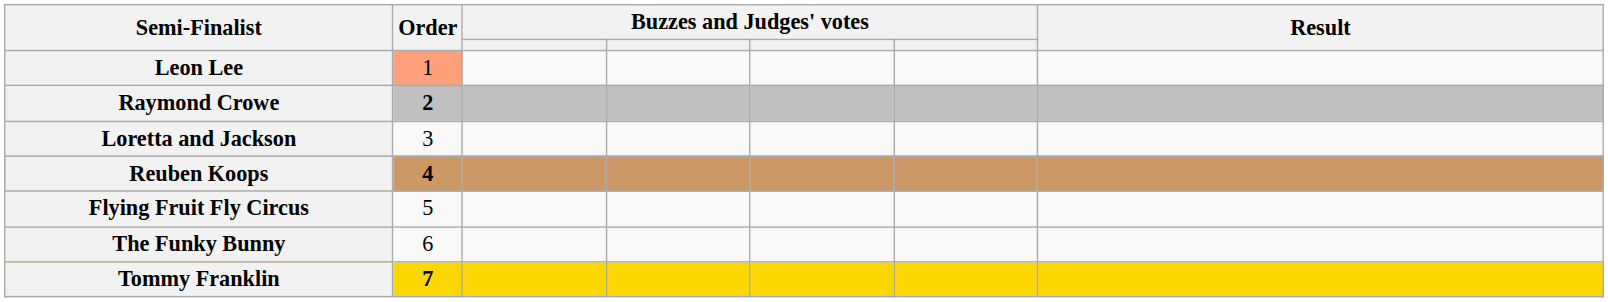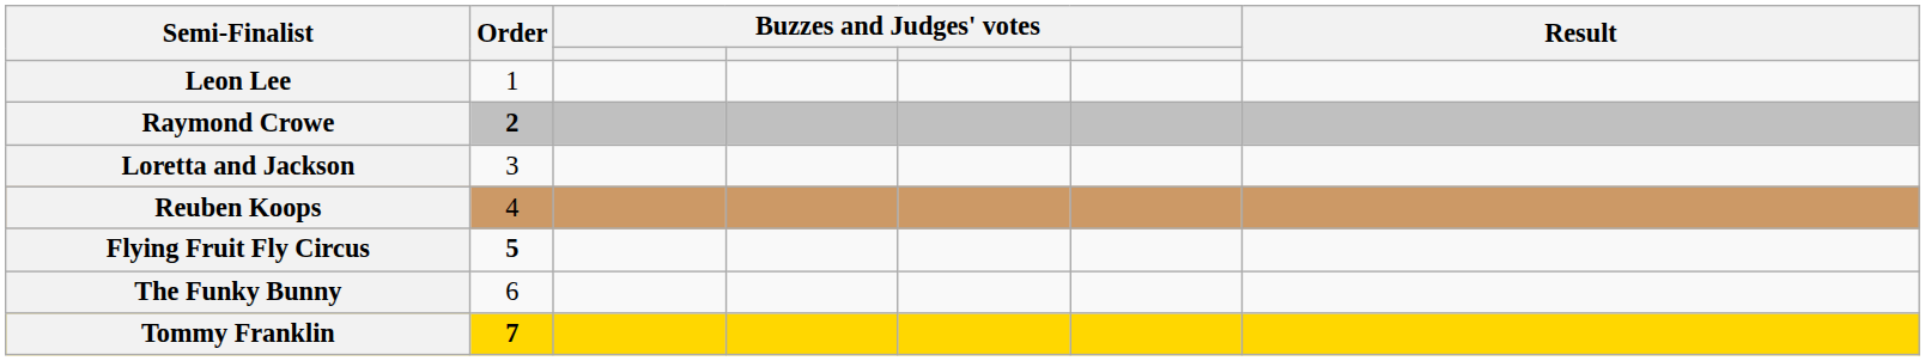 <table class="wikitable plainrowheaders sortable" style="text-align:center;">
 <tr>
 <th scope="col" rowspan="2" class="unsortable" style="width:17em;">Semi-Finalist</th>
 <th scope="col" rowspan="2" style="width:1em;">Order</th>
 <th scope="col" colspan="4" class="unsortable" style="width:24em;">Buzzes and Judges' votes</th>
 <th scope="col" rowspan="2" style="width:25em;">Result</th>
 </tr>
 <tr>
 <th scope="col" class="unsortable" style="width:6em;"></th>
 <th scope="col" class="unsortable" style="width:6em;"></th>
 <th scope="col" class="unsortable" style="width:6em;"></th>
 <th scope="col" class="unsortable" style="width:6em;"></th>
 </tr>
 <tr>
 <th scope="row">Leon Lee</th>
-<td style="background: lightsalmon;">1</td>
+<td>1</td>
 <td style="text-align:center;"></td>
 <td style="text-align:center;"></td>
 <td style="text-align:center;"></td>
 <td style="text-align:center;"></td>
 <td></td>
 </tr>
 <tr style="background:silver;">
 <th scope="row"><strong>Raymond Crowe</strong></th>
 <td><strong>2</strong></td>
 <td style="text-align:center;"></td>
 <td style="text-align:center;"></td>
 <td style="text-align:center;"></td>
 <td style="text-align:center;"></td>
 <td><strong></strong></td>
 </tr>
 <tr>
 <th scope="row">Loretta and Jackson</th>
 <td>3</td>
 <td style="text-align:center;"></td>
 <td style="text-align:center;"></td>
 <td style="text-align:center;"></td>
 <td style="text-align:center;"></td>
 <td></td>
 </tr>
 <tr style="background:#c96;">
 <th scope="row">Reuben Koops</th>
-<td><strong>4</strong></td>
+<td>4</td>
 <td style="text-align:center;"></td>
 <td style="text-align:center;"></td>
 <td style="text-align:center;"></td>
 <td style="text-align:center;"></td>
 <td></td>
 </tr>
 <tr>
 <th scope="row">Flying Fruit Fly Circus</th>
-<td>5</td>
+<td><strong>5</strong></td>
 <td style="text-align:center;"></td>
 <td style="text-align:center;"></td>
 <td style="text-align:center;"></td>
 <td style="text-align:center;"></td>
 <td></td>
 </tr>
 <tr>
 <th scope="row">The Funky Bunny</th>
 <td>6</td>
 <td style="text-align:center;"></td>
 <td style="text-align:center;"></td>
 <td style="text-align:center;"></td>
 <td style="text-align:center;"></td>
 <td></td>
 </tr>
 <tr style="background:gold;">
 <th scope="row"><strong>Tommy Franklin</strong></th>
 <td><strong>7</strong></td>
 <td style="text-align:center;"></td>
 <td style="text-align:center;"></td>
 <td style="text-align:center;"></td>
 <td style="text-align:center;"></td>
 <td><strong></strong></td>
 </tr>
 </table>
